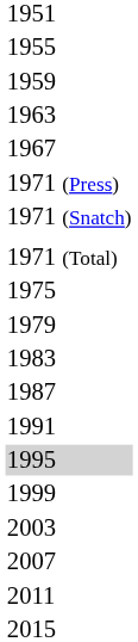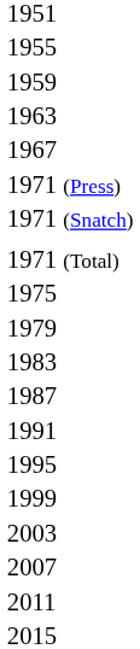 <table>
 <tr>
 <td>1951</td>
 <td></td>
 <td></td>
 <td></td>
 </tr>
 <tr>
 <td>1955</td>
 <td></td>
 <td></td>
 <td></td>
 </tr>
 <tr>
 <td>1959</td>
 <td></td>
 <td></td>
 <td></td>
 </tr>
 <tr>
 <td>1963</td>
 <td></td>
 <td></td>
 <td></td>
 </tr>
 <tr>
 <td>1967</td>
 <td></td>
 <td></td>
 <td></td>
 </tr>
 <tr>
 <td>1971 <small>(<a href='#'>Press</a>)</small></td>
 <td></td>
 <td></td>
 <td></td>
 </tr>
 <tr>
 <td>1971 <small>(<a href='#'>Snatch</a>)</small></td>
 <td></td>
 <td></td>
 <td></td>
 </tr>
 <tr>
 <td></td>
 <td></td>
 <td></td>
 <td></td>
 </tr>
 <tr>
 <td>1971 <small>(Total)</small></td>
 <td></td>
 <td></td>
 <td></td>
 </tr>
 <tr>
 <td>1975</td>
 <td></td>
 <td></td>
 <td></td>
 </tr>
 <tr>
 <td>1979</td>
 <td></td>
 <td></td>
 <td></td>
 </tr>
 <tr>
 <td>1983</td>
 <td></td>
 <td></td>
 <td></td>
 </tr>
 <tr>
 <td>1987</td>
 <td></td>
 <td></td>
 <td></td>
 </tr>
 <tr>
 <td>1991</td>
 <td></td>
 <td></td>
 <td></td>
 </tr>
 <tr>
-<td style="background: lightgrey;">1995</td>
+<td>1995</td>
 <td></td>
 <td></td>
 <td></td>
 </tr>
 <tr>
 <td>1999</td>
 <td></td>
 <td></td>
 <td></td>
 </tr>
 <tr>
 <td>2003</td>
 <td></td>
 <td></td>
 <td></td>
 </tr>
 <tr>
 <td>2007</td>
 <td align="left"></td>
 <td align="left"></td>
 <td align="left"></td>
 </tr>
 <tr>
 <td>2011<br></td>
 <td></td>
 <td></td>
 <td></td>
 </tr>
 <tr>
 <td>2015<br></td>
 <td></td>
 <td></td>
 <td></td>
 </tr>
 </table>
